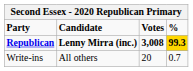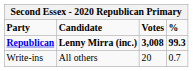 <table class="wikitable">
 <tr>
 <th colspan="4">Second Essex - 2020 Republican Primary</th>
 </tr>
 <tr>
 <td><strong>Party</strong></td>
 <td><strong>Candidate</strong></td>
 <td><strong>Votes</strong></td>
 <td><strong>%</strong></td>
 </tr>
 <tr>
 <td><strong><a href='#'>Republican</a></strong></td>
 <td><strong>Lenny Mirra (inc.)</strong></td>
 <td><strong>3,008</strong></td>
-<td style="background: gold;"><strong>99.3</strong></td>
+<td><strong>99.3</strong></td>
 </tr>
 <tr>
 <td>Write-ins</td>
 <td>All others</td>
 <td>20</td>
 <td>0.7</td>
 </tr>
 </table>
